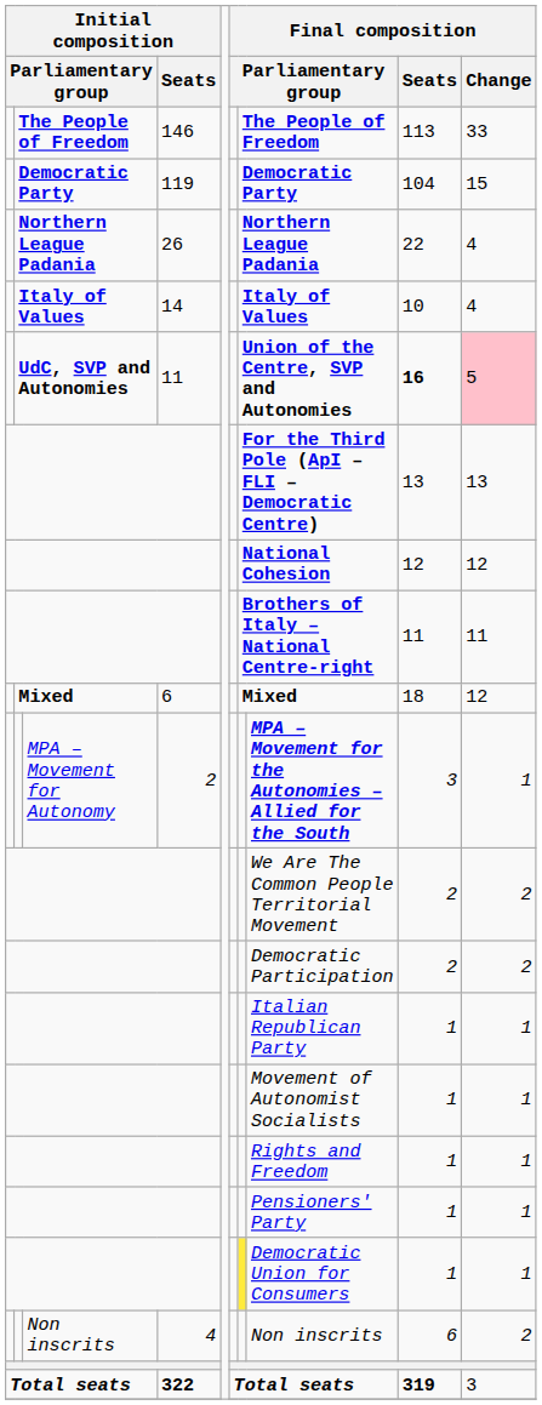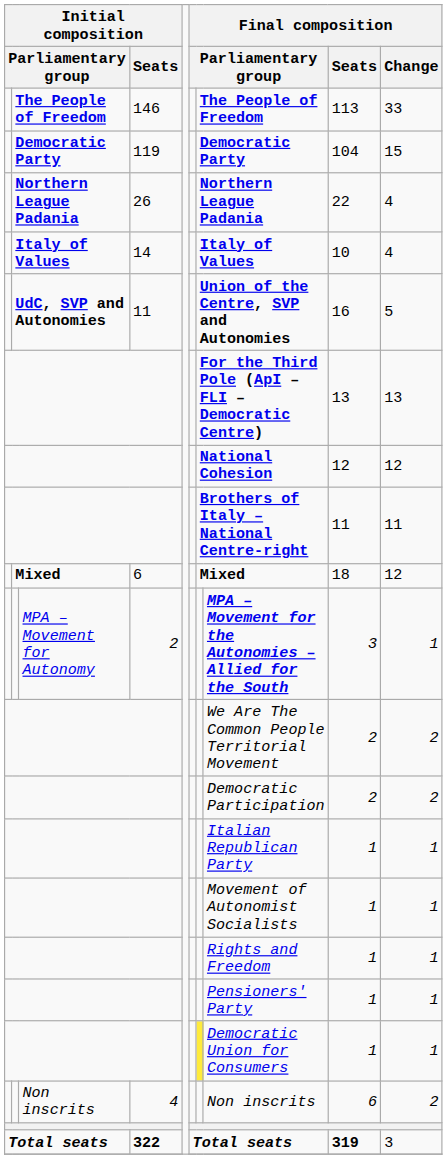 <table class="wikitable" style="width : 60%;">
 <tr>
 <th colspan="4" width=20%>Initial composition</th>
 <td rowspan="30" style="width : 1%;"></td>
 <th colspan="5" width=40%>Final composition</th>
 </tr>
 <tr>
 <th colspan="3">Parliamentary group</th>
 <th>Seats</th>
 <th colspan="3">Parliamentary group</th>
 <th>Seats</th>
 <th>Change</th>
 </tr>
 <tr>
 <td></td>
 <td colspan = "2"><strong><a href='#'>The People of Freedom</a></strong></td>
 <td>146</td>
 <td></td>
 <td colspan = "2"><strong><a href='#'>The People of Freedom</a></strong></td>
 <td>113</td>
 <td> 33</td>
 </tr>
 <tr>
 <td></td>
 <td colspan = "2"><strong><a href='#'>Democratic Party</a></strong></td>
 <td>119</td>
 <td></td>
 <td colspan = "2"><strong><a href='#'>Democratic Party</a></strong></td>
 <td>104</td>
 <td> 15</td>
 </tr>
 <tr>
 <td></td>
 <td colspan = "2"><strong><a href='#'>Northern League Padania</a></strong></td>
 <td>26</td>
 <td></td>
 <td colspan = "2"><strong><a href='#'>Northern League Padania</a></strong></td>
 <td>22</td>
 <td> 4</td>
 </tr>
 <tr>
 <td></td>
 <td colspan = "2"><strong><a href='#'>Italy of Values</a></strong></td>
 <td>14</td>
 <td></td>
 <td colspan = "2"><strong><a href='#'>Italy of Values</a></strong></td>
 <td>10</td>
 <td> 4</td>
 </tr>
 <tr>
 <td></td>
 <td colspan = "2"><strong><a href='#'>UdC</a>, <a href='#'>SVP</a> and Autonomies</strong></td>
 <td>11</td>
 <td></td>
 <td colspan = "2"><strong><a href='#'>Union of the Centre</a>, <a href='#'>SVP</a> and Autonomies </strong></td>
-<td><strong>16</strong></td>
-<td style="background: pink;"> 5</td>
+<td>16</td>
+<td> 5</td>
 </tr>
 <tr>
 <td colspan = "4"></td>
 <td></td>
 <td colspan = "2"><strong><a href='#'>For the Third Pole</a> (<a href='#'>ApI</a> – <a href='#'>FLI</a> – <a href='#'>Democratic Centre</a>)</strong></td>
 <td>13</td>
 <td> 13</td>
 </tr>
 <tr>
 <td colspan = "4"></td>
 <td></td>
 <td colspan = "2"><strong><a href='#'>National Cohesion</a> </strong></td>
 <td>12</td>
 <td> 12</td>
 </tr>
 <tr>
 <td colspan = "4"></td>
 <td></td>
 <td colspan = "2"><strong><a href='#'>Brothers of Italy – National Centre-right</a></strong></td>
 <td>11</td>
 <td> 11</td>
 </tr>
 <tr>
 <td></td>
 <td colspan = "2"><strong>Mixed</strong></td>
 <td>6</td>
 <td></td>
 <td colspan = "2"><strong>Mixed</strong></td>
 <td>18</td>
 <td> 12</td>
 </tr>
 <tr>
 <td></td>
 <td></td>
 <td><em><a href='#'>MPA – Movement for Autonomy</a></em></td>
 <td align="right"><em>2</em></td>
 <td></td>
 <td></td>
 <td><strong><em><a href='#'>MPA – Movement for the Autonomies – Allied for the South</a></em></strong></td>
 <td align="right"><em>3</em></td>
 <td align="right"> <em>1</em></td>
 </tr>
 <tr>
 <td colspan = "4"></td>
 <td></td>
 <td></td>
 <td><em>We Are The Common People Territorial Movement</em></td>
 <td align="right"><em>2</em></td>
 <td align="right"> <em>2</em></td>
 </tr>
 <tr>
 <td colspan = "4"></td>
 <td></td>
 <td></td>
 <td><em>Democratic Participation</em></td>
 <td align="right"><em>2</em></td>
 <td align="right"> <em>2</em></td>
 </tr>
 <tr>
 <td colspan = "4"></td>
 <td></td>
 <td></td>
 <td><em><a href='#'>Italian Republican Party</a></em></td>
 <td align="right"><em>1</em></td>
 <td align="right"> <em>1</em></td>
 </tr>
 <tr>
 <td colspan = "4"></td>
 <td></td>
 <td></td>
 <td><em>Movement of Autonomist Socialists</em></td>
 <td align="right"><em>1</em></td>
 <td align="right"> <em>1</em></td>
 </tr>
 <tr>
 <td colspan = "4"></td>
 <td></td>
 <td></td>
 <td><em><a href='#'>Rights and Freedom</a></em></td>
 <td align="right"><em>1</em></td>
 <td align="right"> <em>1</em></td>
 </tr>
 <tr>
 <td colspan = "4"></td>
 <td></td>
 <td></td>
 <td><em><a href='#'>Pensioners' Party</a></em></td>
 <td align="right"><em>1</em></td>
 <td align="right"> <em>1</em></td>
 </tr>
 <tr>
 <td colspan = "4"></td>
 <td></td>
 <td bgcolor="#FFEB3B" width=1%></td>
 <td><em><a href='#'>Democratic Union for Consumers</a></em></td>
 <td align="right"><em>1</em></td>
 <td align="right"> <em>1</em></td>
 </tr>
 <tr>
 <td></td>
 <td></td>
 <td><em>Non inscrits</em></td>
 <td align="right"><em>4</em></td>
 <td></td>
 <td></td>
 <td><em>Non inscrits</em></td>
 <td align="right"><em>6</em></td>
 <td align="right"> <em>2</em></td>
 </tr>
 <tr>
 <th colspan="4"></th>
 <th colspan="5"></th>
 </tr>
 <tr>
 <td colspan="3"><strong><em>Total seats</em></strong></td>
 <td><strong>322</strong></td>
 <td colspan="3"><strong><em>Total seats</em></strong></td>
 <td><strong>319</strong></td>
 <td> 3</td>
 </tr>
 <tr>
 </tr>
 </table>
